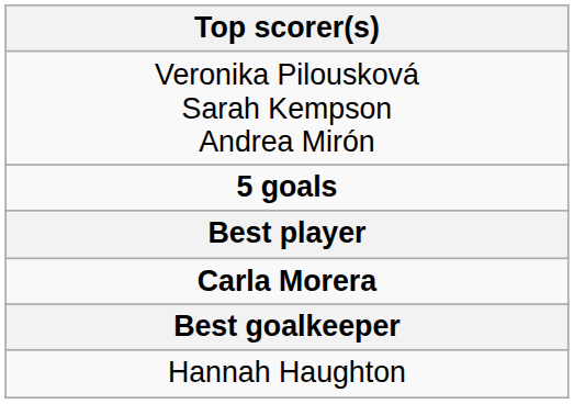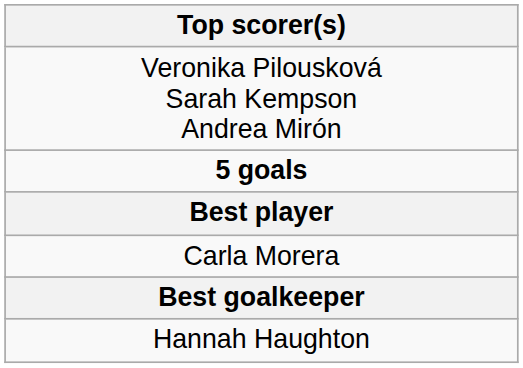 <table class="wikitable" style="margin: 1em auto 1em auto;">
 <tr>
 <th width=300>Top scorer(s)</th>
 </tr>
 <tr align=center style="background:">
 <td style="text-align:center;"> Veronika Pilousková<br> Sarah Kempson<br> Andrea Mirón</td>
 </tr>
 <tr>
 <td style="text-align:center;"><strong>5 goals</strong></td>
 </tr>
 <tr>
 <th>Best player</th>
 </tr>
 <tr>
-<td style="text-align:center;"><strong> Carla Morera</strong></td>
+<td style="text-align:center;"> Carla Morera</td>
 </tr>
 <tr>
 <th>Best goalkeeper</th>
 </tr>
 <tr>
 <td style="text-align:center;"> Hannah Haughton</td>
 </tr>
 </table>
